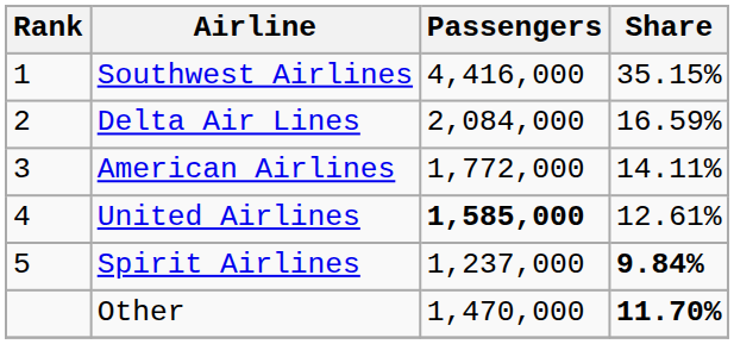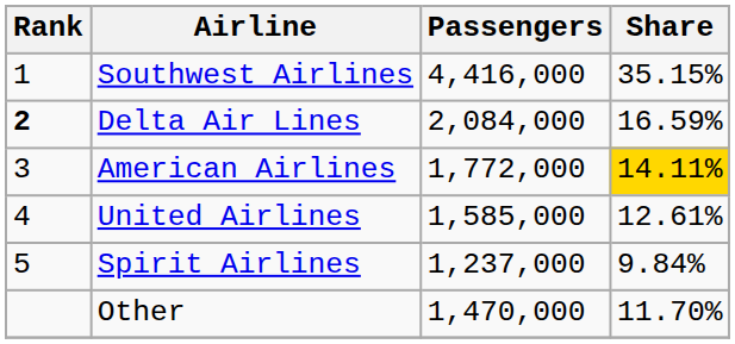 <table class="wikitable sortable" style="font-size: 95%">
 <tr>
 <th>Rank</th>
 <th>Airline</th>
 <th>Passengers</th>
 <th>Share</th>
 </tr>
 <tr>
 <td>1</td>
 <td><a href='#'>Southwest Airlines</a></td>
 <td>4,416,000</td>
 <td>35.15%</td>
 </tr>
 <tr>
-<td>2</td>
+<td><strong>2</strong></td>
 <td><a href='#'>Delta Air Lines</a></td>
 <td>2,084,000</td>
 <td>16.59%</td>
 </tr>
 <tr>
 <td>3</td>
 <td><a href='#'>American Airlines</a></td>
 <td>1,772,000</td>
-<td>14.11%</td>
+<td style="background: gold;">14.11%</td>
 </tr>
 <tr>
 <td>4</td>
 <td><a href='#'>United Airlines</a></td>
-<td><strong>1,585,000</strong></td>
+<td>1,585,000</td>
 <td>12.61%</td>
 </tr>
 <tr>
 <td>5</td>
 <td><a href='#'>Spirit Airlines</a></td>
 <td>1,237,000</td>
-<td><strong>9.84%</strong></td>
+<td>9.84%</td>
 </tr>
 <tr>
 <td></td>
 <td>Other</td>
 <td>1,470,000</td>
-<td><strong>11.70%</strong></td>
+<td>11.70%</td>
 </tr>
 <tr>
 </tr>
 </table>
